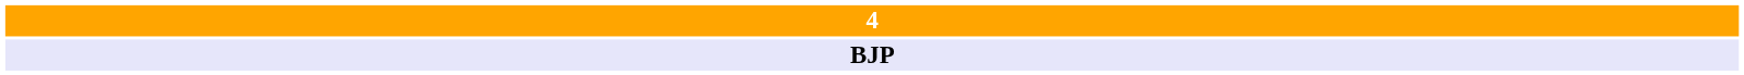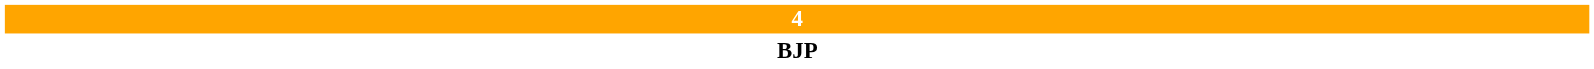 <table style="width:88%; text-align:center;">
 <tr style="color:white;">
 <td style="background:orange; width:100%;"><strong>4</strong></td>
 </tr>
 <tr>
-<td style="background: lavender;"><span><strong>BJP</strong></span></td>
+<td><span><strong>BJP</strong></span></td>
 </tr>
 </table>
